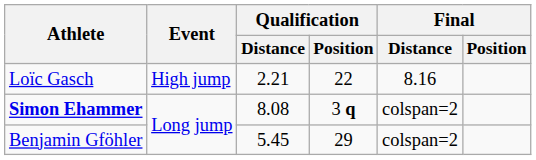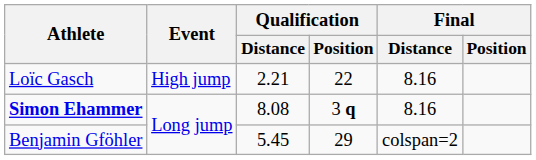 <table class=wikitable style=font-size:90%>
 <tr>
 <th rowspan=2>Athlete</th>
 <th rowspan=2>Event</th>
 <th colspan=2>Qualification</th>
 <th colspan=2>Final</th>
 </tr>
 <tr style=font-size:95%>
 <th>Distance</th>
 <th>Position</th>
 <th>Distance</th>
 <th>Position</th>
 </tr>
 <tr align=center>
 <td align=left><a href='#'>Loïc Gasch</a></td>
 <td align=left><a href='#'>High jump</a></td>
 <td>2.21</td>
 <td>22</td>
 <td>8.16</td>
 </tr>
 <tr align=center>
 <td align=left><strong><a href='#'>Simon Ehammer</a></strong></td>
 <td align=left rowspan=2><a href='#'>Long jump</a></td>
 <td>8.08</td>
 <td>3 <strong>q</strong></td>
-<td>colspan=2 </td>
+<td>8.16</td>
 <td></td>
 </tr>
 <tr align=center>
 <td align=left><a href='#'>Benjamin Gföhler</a></td>
 <td>5.45</td>
 <td>29</td>
 <td>colspan=2 </td>
 </tr>
 </table>
